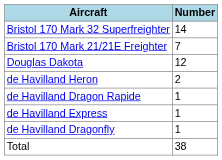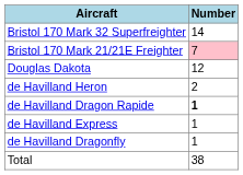 <table class="toccolours" border="1" cellpadding="3" style="border-collapse:collapse">
 <tr bgcolor=lightblue>
 <th>Aircraft</th>
 <th>Number</th>
 </tr>
 <tr>
 <td><a href='#'>Bristol 170 Mark 32 Superfreighter</a></td>
 <td>14</td>
 </tr>
 <tr>
 <td><a href='#'>Bristol 170 Mark 21/21E Freighter</a></td>
-<td>7</td>
+<td style="background: pink;">7</td>
 </tr>
 <tr>
 <td><a href='#'>Douglas Dakota</a></td>
 <td>12</td>
 </tr>
 <tr>
 <td><a href='#'>de Havilland Heron</a></td>
 <td>2</td>
 </tr>
 <tr>
 <td><a href='#'>de Havilland Dragon Rapide</a></td>
-<td>1</td>
+<td><strong>1</strong></td>
 </tr>
 <tr>
 <td><a href='#'>de Havilland Express</a></td>
 <td>1</td>
 </tr>
 <tr>
 <td><a href='#'>de Havilland Dragonfly</a></td>
 <td>1</td>
 </tr>
 <tr>
 <td>Total</td>
 <td>38</td>
 </tr>
 </table>
